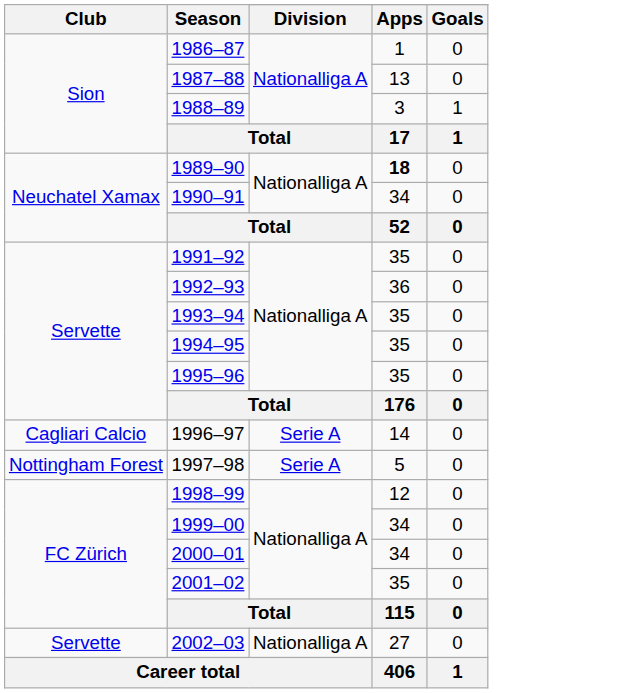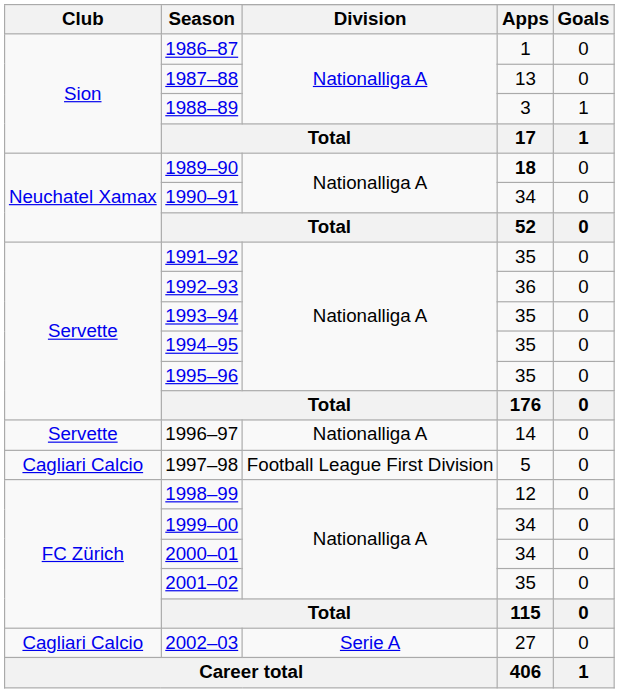 <table class="wikitable" style="text-align:center">
 <tr>
 <th rowspan="2">Club</th>
 <th rowspan="2">Season</th>
 </tr>
 <tr>
 <th>Division</th>
 <th>Apps</th>
 <th>Goals</th>
 </tr>
 <tr>
 <td rowspan="4"><a href='#'>Sion</a></td>
 <td><a href='#'>1986–87</a></td>
 <td rowspan="3"><a href='#'>Nationalliga A</a></td>
 <td>1</td>
 <td>0</td>
 </tr>
 <tr>
 <td><a href='#'>1987–88</a></td>
 <td>13</td>
 <td>0</td>
 </tr>
 <tr>
 <td><a href='#'>1988–89</a></td>
 <td>3</td>
 <td>1</td>
 </tr>
 <tr>
 <th colspan="2“">Total</th>
 <th>17</th>
 <th>1</th>
 </tr>
 <tr>
 <td rowspan="3"><a href='#'>Neuchatel Xamax</a></td>
 <td><a href='#'>1989–90</a></td>
 <td rowspan="2">Nationalliga A</td>
 <td><strong>18</strong></td>
 <td>0</td>
 </tr>
 <tr>
 <td><a href='#'>1990–91</a></td>
 <td>34</td>
 <td>0</td>
 </tr>
 <tr>
 <th colspan="2“">Total</th>
 <th>52</th>
 <th>0</th>
 </tr>
 <tr>
 <td rowspan="6"><a href='#'>Servette</a></td>
 <td><a href='#'>1991–92</a></td>
 <td rowspan="5">Nationalliga A</td>
 <td>35</td>
 <td>0</td>
 </tr>
 <tr>
 <td><a href='#'>1992–93</a></td>
 <td>36</td>
 <td>0</td>
 </tr>
 <tr>
 <td><a href='#'>1993–94</a></td>
 <td>35</td>
 <td>0</td>
 </tr>
 <tr>
 <td><a href='#'>1994–95</a></td>
 <td>35</td>
 <td>0</td>
 </tr>
 <tr>
 <td><a href='#'>1995–96</a></td>
 <td>35</td>
 <td>0</td>
 </tr>
 <tr>
 <th colspan="2“">Total</th>
 <th>176</th>
 <th>0</th>
 </tr>
 <tr>
-<td><a href='#'>Cagliari Calcio</a></td>
+<td><a href='#'>Servette</a></td>
 <td>1996–97</td>
-<td><a href='#'>Serie A</a></td>
+<td>Nationalliga A</td>
 <td>14</td>
 <td>0</td>
 </tr>
 <tr>
-<td><a href='#'>Nottingham Forest</a></td>
+<td><a href='#'>Cagliari Calcio</a></td>
 <td>1997–98</td>
-<td><a href='#'>Serie A</a></td>
+<td>Football League First Division</td>
 <td>5</td>
 <td>0</td>
 </tr>
 <tr>
 <td rowspan="5"><a href='#'>FC Zürich</a></td>
 <td><a href='#'>1998–99</a></td>
 <td rowspan="4">Nationalliga A</td>
 <td>12</td>
 <td>0</td>
 </tr>
 <tr>
 <td><a href='#'>1999–00</a></td>
 <td>34</td>
 <td>0</td>
 </tr>
 <tr>
 <td><a href='#'>2000–01</a></td>
 <td>34</td>
 <td>0</td>
 </tr>
 <tr>
 <td><a href='#'>2001–02</a></td>
 <td>35</td>
 <td>0</td>
 </tr>
 <tr>
 <th colspan="2“">Total</th>
 <th>115</th>
 <th>0</th>
 </tr>
 <tr>
-<td><a href='#'>Servette</a></td>
+<td><a href='#'>Cagliari Calcio</a></td>
 <td><a href='#'>2002–03</a></td>
-<td>Nationalliga A</td>
+<td><a href='#'>Serie A</a></td>
 <td>27</td>
 <td>0</td>
 </tr>
 <tr>
 <th colspan="3">Career total</th>
 <th>406</th>
 <th>1</th>
 </tr>
 </table>
